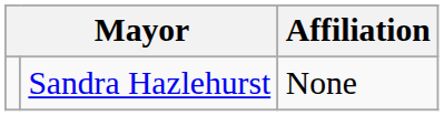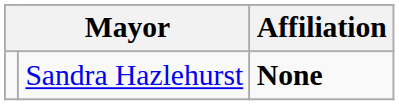 <table class="wikitable">
 <tr>
 <th colspan="2">Mayor</th>
 <th>Affiliation</th>
 </tr>
 <tr>
 <td></td>
 <td><a href='#'>Sandra Hazlehurst</a></td>
-<td>None</td>
+<td><strong>None</strong></td>
 </tr>
 </table>
